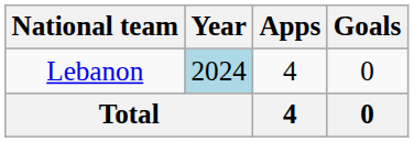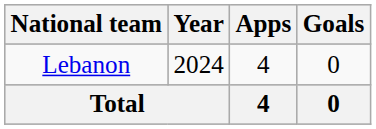 <table class="wikitable" style="text-align:center">
 <tr>
 <th>National team</th>
 <th>Year</th>
 <th>Apps</th>
 <th>Goals</th>
 </tr>
 <tr>
 <td rowspan="1"><a href='#'>Lebanon</a></td>
-<td style="background: lightblue;">2024</td>
+<td>2024</td>
 <td>4</td>
 <td>0</td>
 </tr>
 <tr>
 <th colspan="2">Total</th>
 <th>4</th>
 <th>0</th>
 </tr>
 </table>
